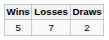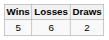 <table class="wikitable">
 <tr>
 <th>Wins</th>
 <th>Losses</th>
 <th>Draws</th>
 </tr>
 <tr>
 <td align="center">5</td>
-<td align="center">7</td>
+<td align="center">6</td>
 <td align="center">2</td>
 </tr>
 </table>
